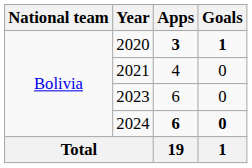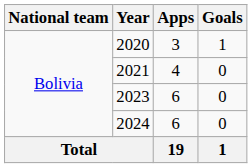 <table class=wikitable style=text-align:center>
 <tr>
 <th>National team</th>
 <th>Year</th>
 <th>Apps</th>
 <th>Goals</th>
 </tr>
 <tr>
 <td rowspan="4"><a href='#'>Bolivia</a></td>
 <td>2020</td>
-<td><strong>3</strong></td>
-<td><strong>1</strong></td>
+<td>3</td>
+<td>1</td>
 </tr>
 <tr>
 <td>2021</td>
 <td>4</td>
 <td>0</td>
 </tr>
 <tr>
 <td>2023</td>
 <td>6</td>
 <td>0</td>
 </tr>
 <tr>
 <td>2024</td>
-<td><strong>6</strong></td>
-<td><strong>0</strong></td>
+<td>6</td>
+<td>0</td>
 </tr>
 <tr>
 <th colspan="2">Total</th>
 <th>19</th>
 <th>1</th>
 </tr>
 </table>
